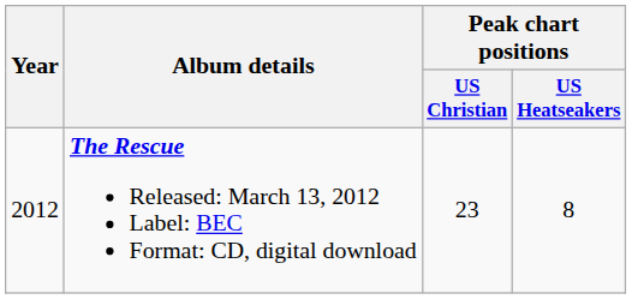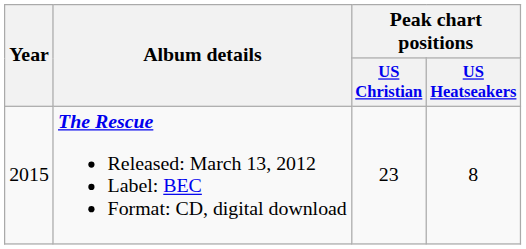 <table class="wikitable" style="text-align:center;">
 <tr>
 <th rowspan="2">Year</th>
 <th rowspan="2">Album details</th>
 <th colspan="4">Peak chart positions</th>
 </tr>
 <tr style="font-size:smaller;">
 <th width="40"><a href='#'>US<br>Christian</a></th>
 <th width="40"><a href='#'>US<br>Heatseakers</a></th>
 </tr>
 <tr>
-<td>2012</td>
+<td>2015</td>
 <td align="left"><strong><em><a href='#'>The Rescue</a></em></strong><br><ul><li>Released: March 13, 2012</li><li>Label: <a href='#'>BEC</a></li><li>Format: CD, digital download</li></ul></td>
 <td>23</td>
 <td>8</td>
 </tr>
 </table>
